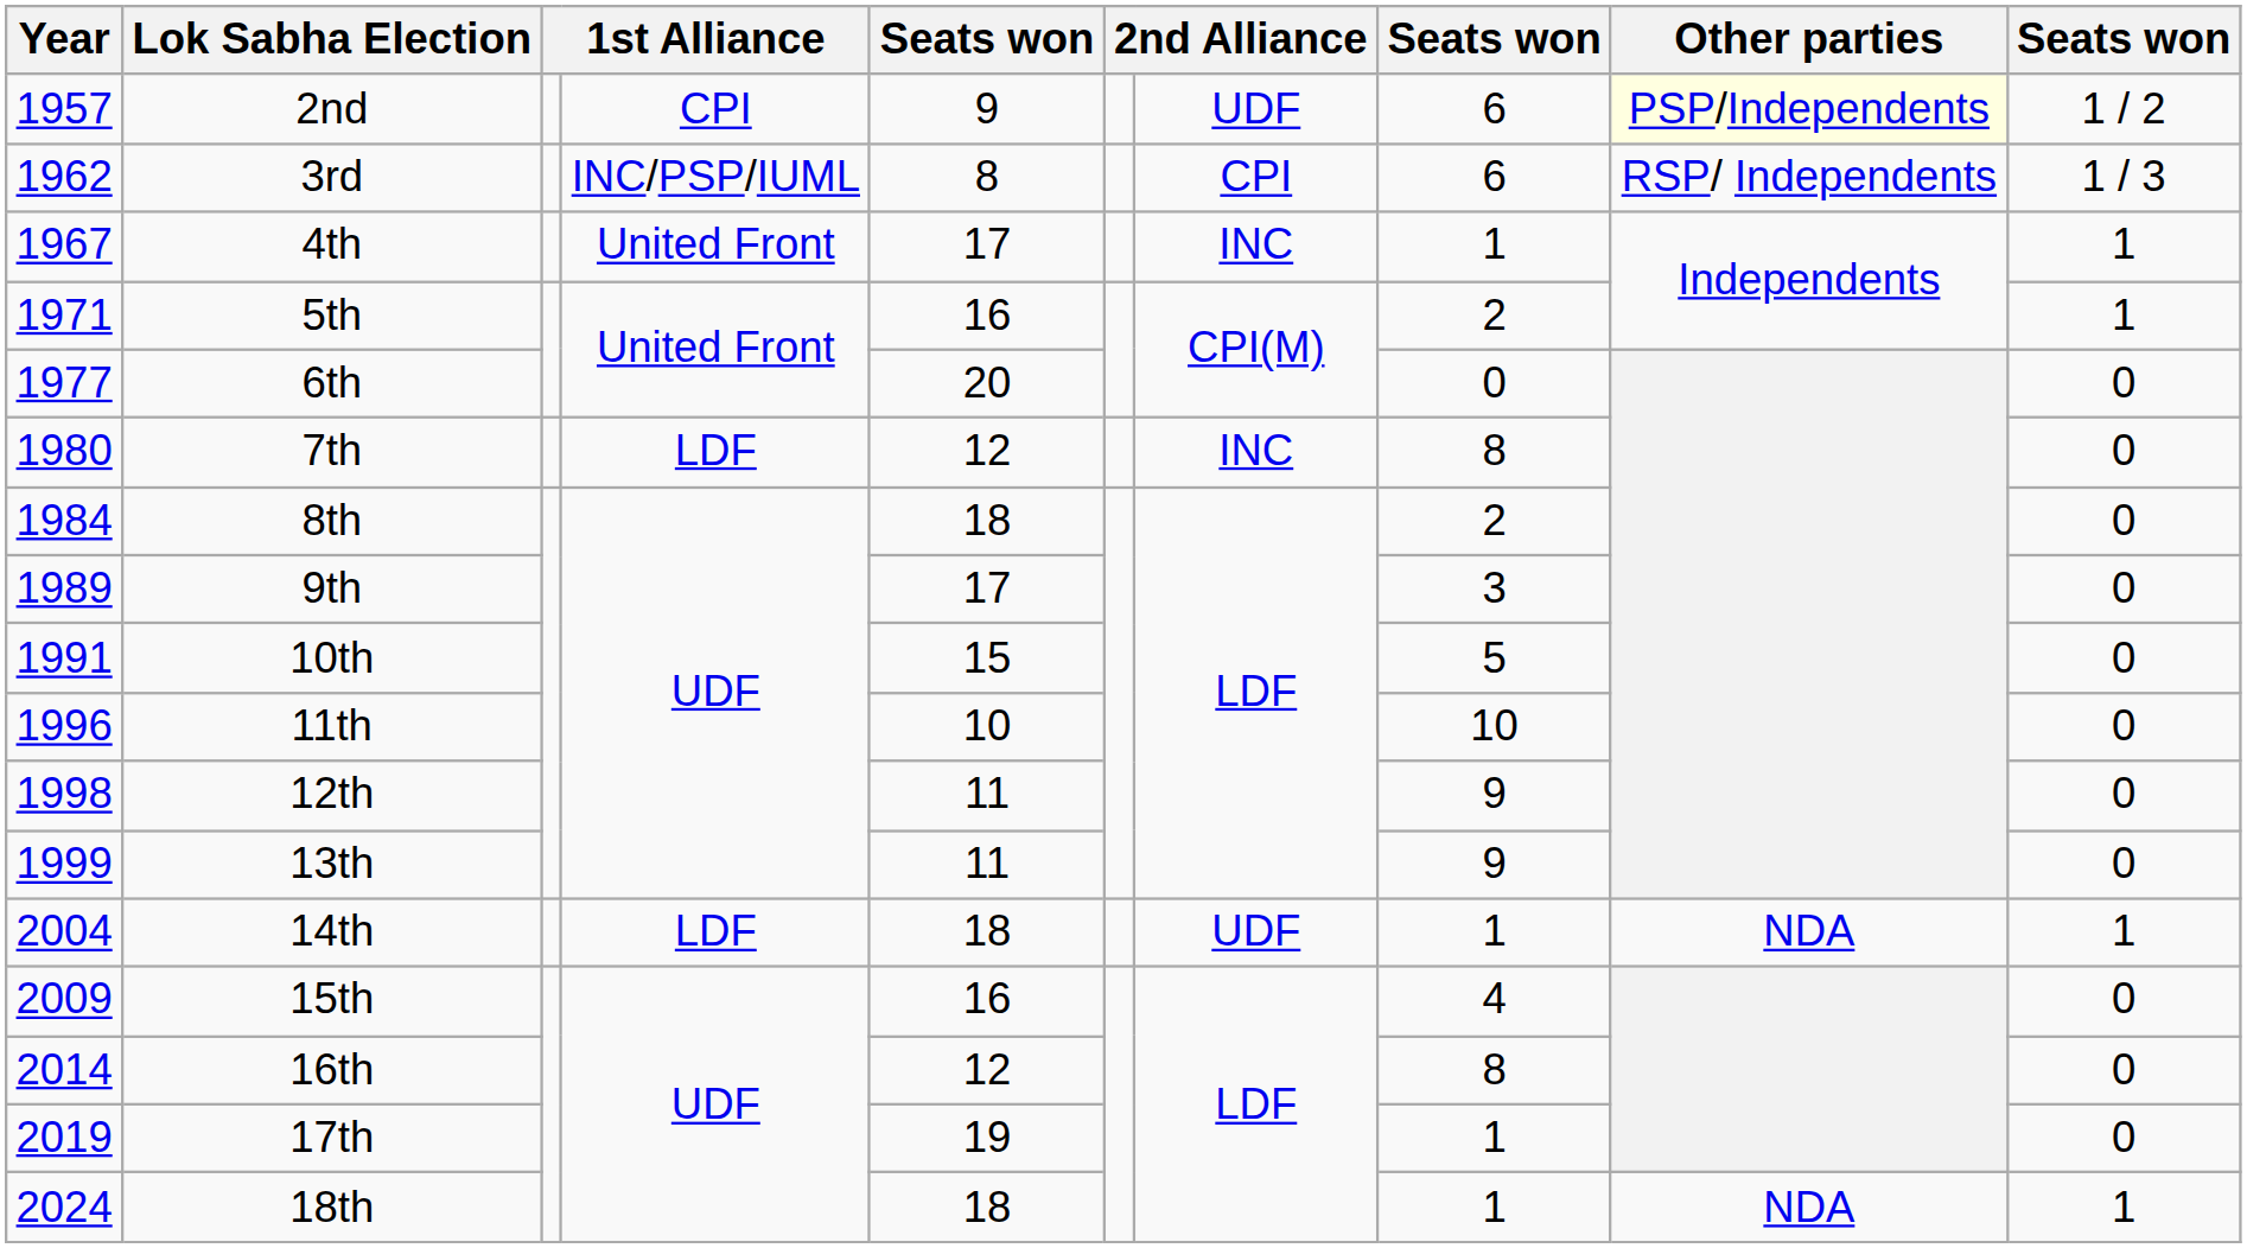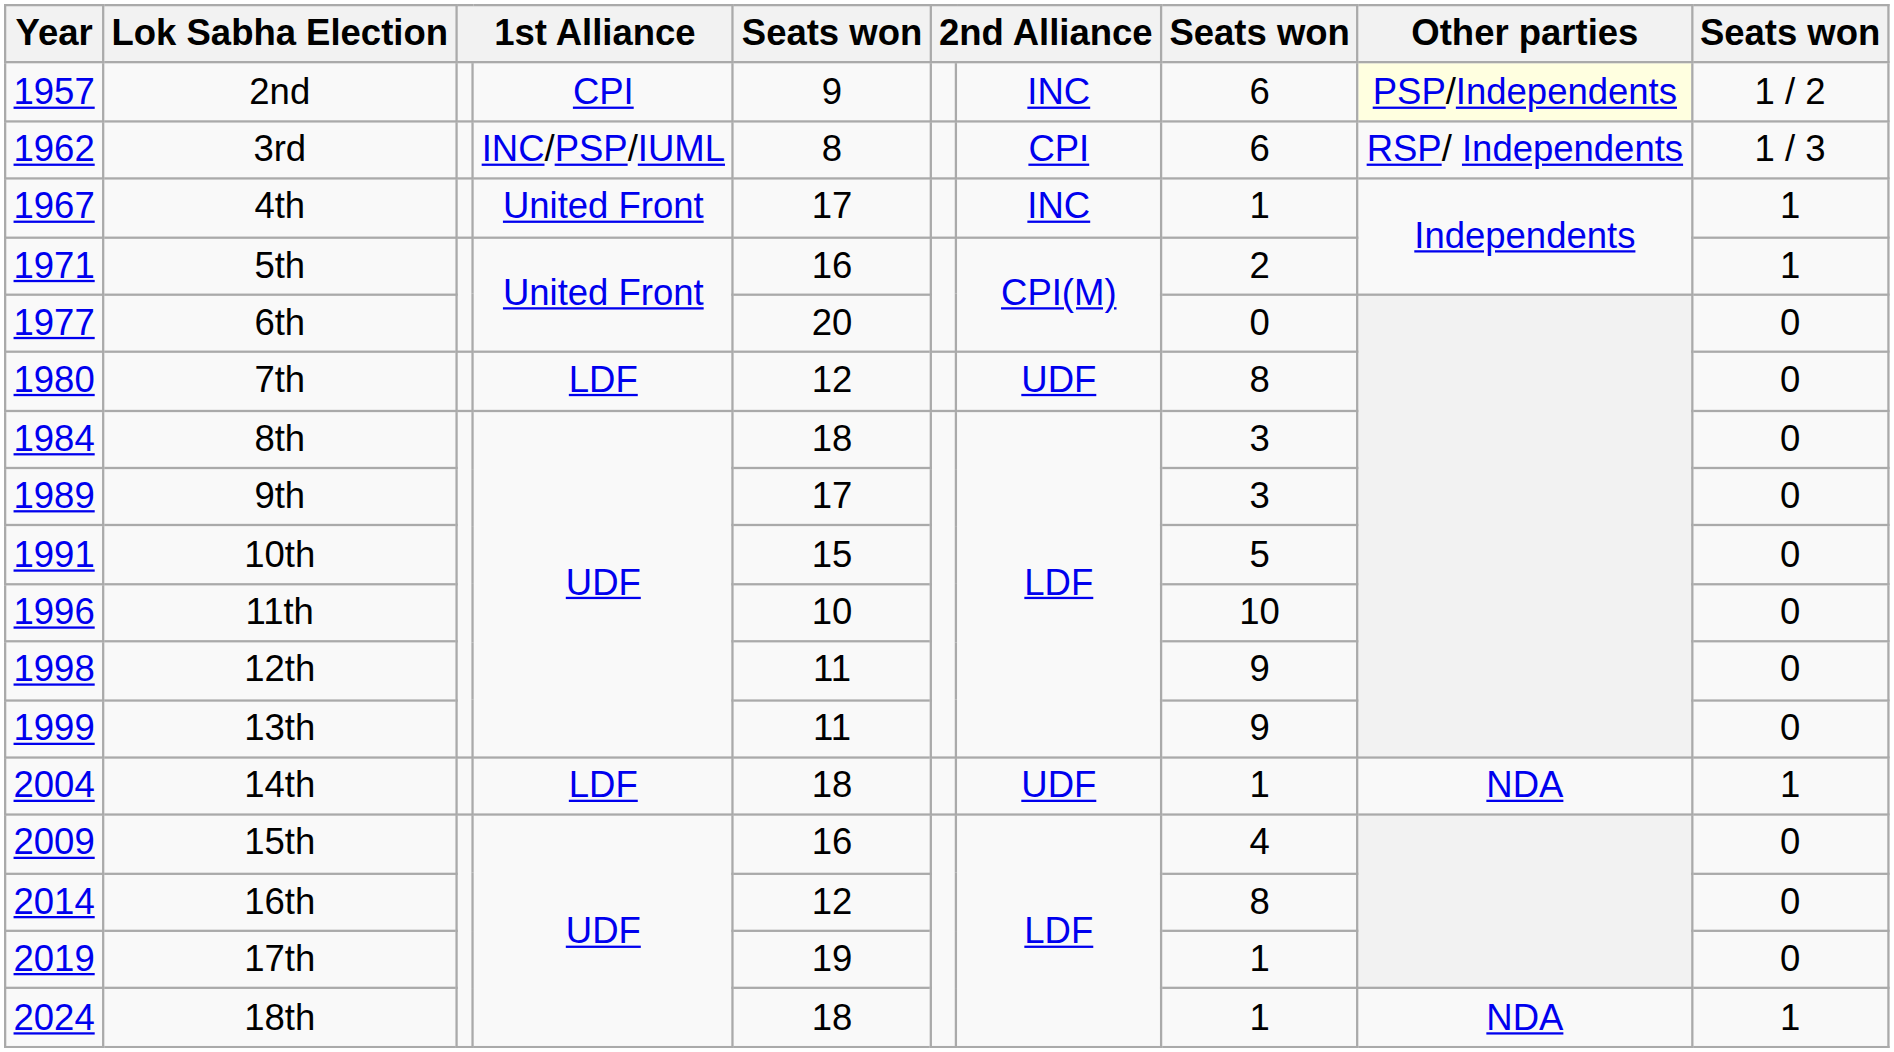 <table class="wikitable" style="text-align:center">
 <tr>
 <th>Year</th>
 <th>Lok Sabha Election</th>
 <th colspan="2">1st Alliance</th>
 <th>Seats won</th>
 <th colspan="2">2nd Alliance</th>
 <th>Seats won</th>
 <th>Other parties</th>
 <th>Seats won</th>
 </tr>
 <tr>
 <td><a href='#'>1957</a></td>
 <td>2nd</td>
 <td style="background-color: "></td>
 <td><a href='#'>CPI</a></td>
 <td>9</td>
 <td style="background-color: "></td>
-<td><a href='#'>UDF</a></td>
+<td><a href='#'>INC</a></td>
 <td>6</td>
 <td style="background: lightyellow;"><a href='#'>PSP</a>/<a href='#'>Independents</a></td>
 <td>1 / 2</td>
 </tr>
 <tr>
 <td><a href='#'>1962</a></td>
 <td>3rd</td>
 <td style="background-color: "></td>
 <td><a href='#'>INC</a>/<a href='#'>PSP</a>/<a href='#'>IUML</a></td>
 <td>8</td>
 <td style="background-color: "></td>
 <td><a href='#'>CPI</a></td>
 <td>6</td>
 <td><a href='#'>RSP</a>/ <a href='#'>Independents</a></td>
 <td>1 / 3</td>
 </tr>
 <tr>
 <td><a href='#'>1967</a></td>
 <td>4th</td>
 <td style="background-color: "></td>
 <td><a href='#'>United Front</a></td>
 <td>17</td>
 <td style="background-color: "></td>
 <td><a href='#'>INC</a></td>
 <td>1</td>
 <td rowspan="2"><a href='#'>Independents</a></td>
 <td>1</td>
 </tr>
 <tr>
 <td><a href='#'>1971</a></td>
 <td>5th</td>
 <td rowspan=2 style="background-color: "></td>
 <td rowspan="2"><a href='#'>United Front</a></td>
 <td>16</td>
 <td rowspan="2" style="background-color: "></td>
 <td rowspan="2"><a href='#'>CPI(M)</a></td>
 <td>2</td>
 <td>1</td>
 </tr>
 <tr>
 <td><a href='#'>1977</a></td>
 <td>6th</td>
 <td>20</td>
 <td>0</td>
 <th rowspan="8"></th>
 <td>0</td>
 </tr>
 <tr>
 <td><a href='#'>1980</a></td>
 <td>7th</td>
 <td style="background-color: "></td>
 <td><a href='#'>LDF</a></td>
 <td>12</td>
 <td style="background-color: "></td>
-<td><a href='#'>INC</a></td>
+<td><a href='#'>UDF</a></td>
 <td>8</td>
 <td>0</td>
 </tr>
 <tr>
 <td><a href='#'>1984</a></td>
 <td>8th</td>
 <td rowspan="6" style="background-color: "></td>
 <td rowspan="6"><a href='#'>UDF</a></td>
 <td>18</td>
 <td rowspan="6" style="background-color: "></td>
 <td rowspan="6"><a href='#'>LDF</a></td>
-<td>2</td>
+<td>3</td>
 <td>0</td>
 </tr>
 <tr>
 <td><a href='#'>1989</a></td>
 <td>9th</td>
 <td>17</td>
 <td>3</td>
 <td>0</td>
 </tr>
 <tr>
 <td><a href='#'>1991</a></td>
 <td>10th</td>
 <td>15</td>
 <td>5</td>
 <td>0</td>
 </tr>
 <tr>
 <td><a href='#'>1996</a></td>
 <td>11th</td>
 <td>10</td>
 <td>10</td>
 <td>0</td>
 </tr>
 <tr>
 <td><a href='#'>1998</a></td>
 <td>12th</td>
 <td>11</td>
 <td>9</td>
 <td>0</td>
 </tr>
 <tr>
 <td><a href='#'>1999</a></td>
 <td>13th</td>
 <td>11</td>
 <td>9</td>
 <td>0</td>
 </tr>
 <tr>
 <td><a href='#'>2004</a></td>
 <td>14th</td>
 <td style="background-color: "></td>
 <td><a href='#'>LDF</a></td>
 <td>18</td>
 <td style="background-color: "></td>
 <td><a href='#'>UDF</a></td>
 <td>1</td>
 <td><a href='#'>NDA</a></td>
 <td>1</td>
 </tr>
 <tr>
 <td><a href='#'>2009</a></td>
 <td>15th</td>
 <td rowspan="4" style="background-color: "></td>
 <td rowspan="4"><a href='#'>UDF</a></td>
 <td>16</td>
 <td rowspan="4" style="background-color: "></td>
 <td rowspan="4"><a href='#'>LDF</a></td>
 <td>4</td>
 <th rowspan="3"></th>
 <td>0</td>
 </tr>
 <tr>
 <td><a href='#'>2014</a></td>
 <td>16th</td>
 <td>12</td>
 <td>8</td>
 <td>0</td>
 </tr>
 <tr>
 <td><a href='#'>2019</a></td>
 <td>17th</td>
 <td>19</td>
 <td>1</td>
 <td>0</td>
 </tr>
 <tr>
 <td><a href='#'>2024</a></td>
 <td>18th</td>
 <td>18</td>
 <td>1</td>
 <td><a href='#'>NDA</a></td>
 <td>1</td>
 </tr>
 </table>
